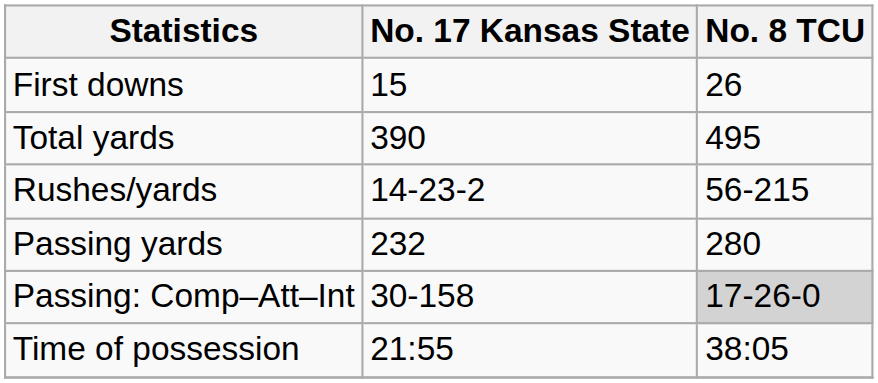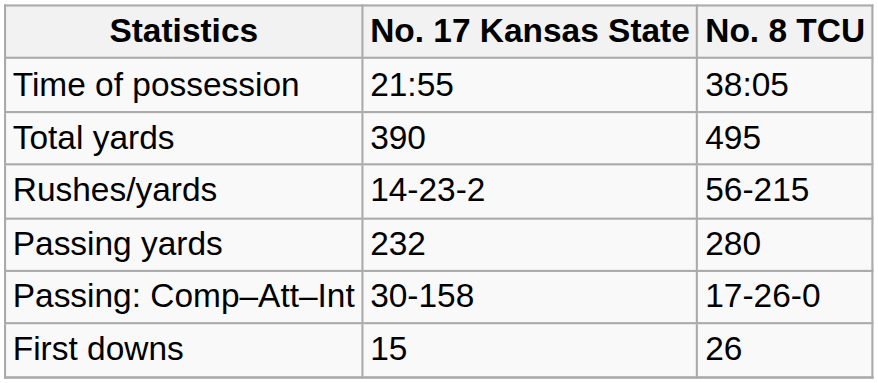 <table class="wikitable" style="float: left;">
 <tr>
 <th>Statistics</th>
 <th>No. 17 Kansas State</th>
 <th>No. 8 TCU</th>
 </tr>
 <tr>
-<td>First downs</td>
-<td>15</td>
-<td>26</td>
+<td>Time of possession</td>
+<td>21:55</td>
+<td>38:05</td>
 </tr>
 <tr>
 <td>Total yards</td>
 <td>390</td>
 <td>495</td>
 </tr>
 <tr>
 <td>Rushes/yards</td>
 <td>14-23-2</td>
 <td>56-215</td>
 </tr>
 <tr>
 <td>Passing yards</td>
 <td>232</td>
 <td>280</td>
 </tr>
 <tr>
 <td>Passing: Comp–Att–Int</td>
 <td>30-158</td>
-<td style="background: lightgrey;">17-26-0</td>
+<td>17-26-0</td>
 </tr>
 <tr>
-<td>Time of possession</td>
-<td>21:55</td>
-<td>38:05</td>
+<td>First downs</td>
+<td>15</td>
+<td>26</td>
 </tr>
 <tr>
 </tr>
 </table>
